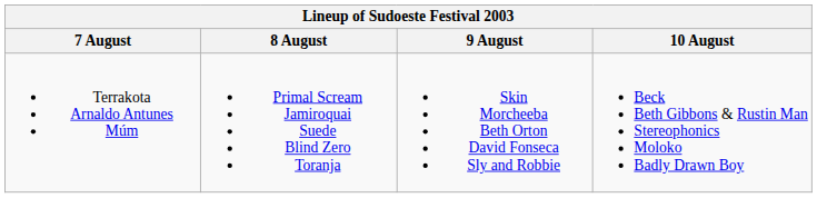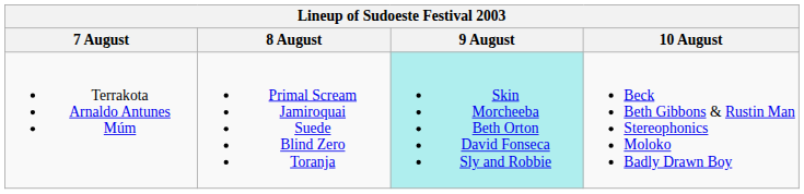 <table class="wikitable mw-collapsible">
 <tr>
 <th colspan="4">Lineup of Sudoeste Festival 2003</th>
 </tr>
 <tr>
 <th>7 August</th>
 <th>8 August</th>
 <th>9 August</th>
 <th>10 August</th>
 </tr>
 <tr>
 <td width="200" align="center" valign="top"><br><ul><li>Terrakota</li><li><a href='#'>Arnaldo Antunes</a></li><li><a href='#'>Múm</a></li></ul></td>
 <td width="200" align="center" valign="top"><br><ul><li><a href='#'>Primal Scream</a></li><li><a href='#'>Jamiroquai</a></li><li><a href='#'>Suede</a></li><li><a href='#'>Blind Zero</a></li><li><a href='#'>Toranja</a></li></ul></td>
-<td width="200" align="center" valign="top"><br><ul><li><a href='#'>Skin</a></li><li><a href='#'>Morcheeba</a></li><li><a href='#'>Beth Orton</a></li><li><a href='#'>David Fonseca</a></li><li><a href='#'>Sly and Robbie</a></li></ul></td>
+<td width="200" align="center" valign="top" style="background: paleturquoise;"><br><ul><li><a href='#'>Skin</a></li><li><a href='#'>Morcheeba</a></li><li><a href='#'>Beth Orton</a></li><li><a href='#'>David Fonseca</a></li><li><a href='#'>Sly and Robbie</a></li></ul></td>
 <td><br><ul><li><a href='#'>Beck</a></li><li><a href='#'>Beth Gibbons</a> & <a href='#'>Rustin Man</a></li><li><a href='#'>Stereophonics</a></li><li><a href='#'>Moloko</a></li><li><a href='#'>Badly Drawn Boy</a></li></ul></td>
 </tr>
 </table>
